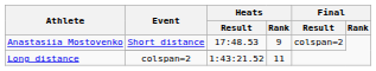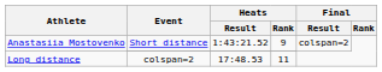 <table class=wikitable style="font-size:90%">
 <tr>
 <th rowspan="2">Athlete</th>
 <th rowspan="2">Event</th>
 <th colspan="2">Heats</th>
 <th colspan="2">Final</th>
 </tr>
 <tr style="font-size:95%">
 <th>Result</th>
 <th>Rank</th>
 <th>Result</th>
 <th>Rank</th>
 </tr>
 <tr align=center>
 <td align=left rowspan=2><a href='#'>Anastasiia Mostovenko</a></td>
 <td align=left><a href='#'>Short distance</a></td>
-<td>17:48.53</td>
+<td>1:43:21.52</td>
 <td>9</td>
 <td>colspan=2 </td>
 </tr>
 <tr>
 </tr>
 <tr align=center>
 <td align=left><a href='#'>Long distance</a></td>
 <td>colspan=2 </td>
-<td>1:43:21.52</td>
+<td>17:48.53</td>
 <td>11</td>
 </tr>
 </table>
